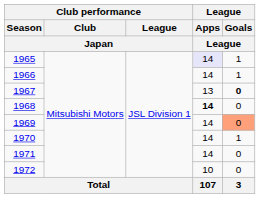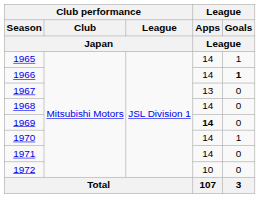 <table class="wikitable" style="text-align:center;">
 <tr>
 <th colspan=3>Club performance</th>
 <th colspan=2>League</th>
 </tr>
 <tr>
 <th>Season</th>
 <th>Club</th>
 <th>League</th>
 <th>Apps</th>
 <th>Goals</th>
 </tr>
 <tr>
 <th colspan=3>Japan</th>
 <th colspan=2>League</th>
 </tr>
 <tr>
 <td><a href='#'>1965</a></td>
 <td rowspan=8><a href='#'>Mitsubishi Motors</a></td>
 <td rowspan=8><a href='#'>JSL Division 1</a></td>
-<td style="background: lavender;">14</td>
+<td>14</td>
 <td>1</td>
 </tr>
 <tr>
 <td><a href='#'>1966</a></td>
 <td>14</td>
-<td>1</td>
+<td><strong>1</strong></td>
 </tr>
 <tr>
 <td><a href='#'>1967</a></td>
 <td>13</td>
-<td><strong>0</strong></td>
+<td>0</td>
 </tr>
 <tr>
 <td><a href='#'>1968</a></td>
-<td><strong>14</strong></td>
+<td>14</td>
 <td>0</td>
 </tr>
 <tr>
 <td><a href='#'>1969</a></td>
-<td>14</td>
-<td style="background: lightsalmon;">0</td>
+<td><strong>14</strong></td>
+<td>0</td>
 </tr>
 <tr>
 <td><a href='#'>1970</a></td>
 <td>14</td>
 <td>1</td>
 </tr>
 <tr>
 <td><a href='#'>1971</a></td>
 <td>14</td>
 <td>0</td>
 </tr>
 <tr>
 <td><a href='#'>1972</a></td>
 <td>10</td>
 <td>0</td>
 </tr>
 <tr>
 <th colspan=3>Total</th>
 <th>107</th>
 <th>3</th>
 </tr>
 </table>
